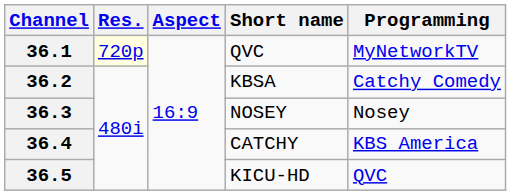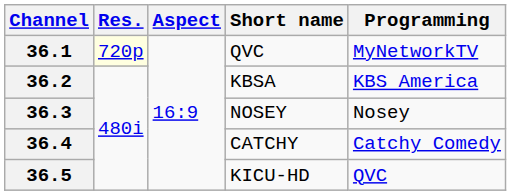 <table class="wikitable">
 <tr>
 <th scope = "col"><a href='#'>Channel</a></th>
 <th scope = "col"><a href='#'>Res.</a></th>
 <th scope = "col"><a href='#'>Aspect</a></th>
 <th scope = "col">Short name</th>
 <th scope = "col">Programming</th>
 </tr>
 <tr>
 <th scope = "row">36.1</th>
 <td style="background: lightyellow;"><a href='#'>720p</a></td>
 <td rowspan="5"><a href='#'>16:9</a></td>
 <td>QVC</td>
 <td><a href='#'>MyNetworkTV</a></td>
 </tr>
 <tr>
 <th scope = "row">36.2</th>
 <td rowspan="4"><a href='#'>480i</a></td>
 <td>KBSA</td>
-<td><a href='#'>Catchy Comedy</a></td>
+<td><a href='#'>KBS America</a></td>
 </tr>
 <tr>
 <th scope = "row">36.3</th>
 <td>NOSEY</td>
 <td>Nosey</td>
 </tr>
 <tr>
 <th scope = "row">36.4</th>
 <td>CATCHY</td>
-<td><a href='#'>KBS America</a></td>
+<td><a href='#'>Catchy Comedy</a></td>
 </tr>
 <tr>
 <th scope = "row">36.5</th>
 <td>KICU-HD</td>
 <td><a href='#'>QVC</a></td>
 </tr>
 </table>
